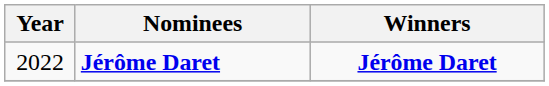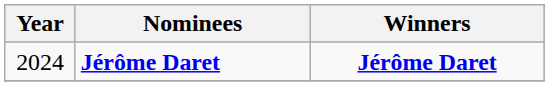 <table class="wikitable">
 <tr>
 <th width=40>Year</th>
 <th width=150>Nominees</th>
 <th width=150>Winners</th>
 </tr>
 <tr>
-<td align=center>2022</td>
+<td align=center>2024</td>
 <td><strong><a href='#'>Jérôme Daret</a></strong></td>
 <td align=center><strong><a href='#'>Jérôme Daret</a></strong></td>
 </tr>
 <tr>
 </tr>
 </table>
